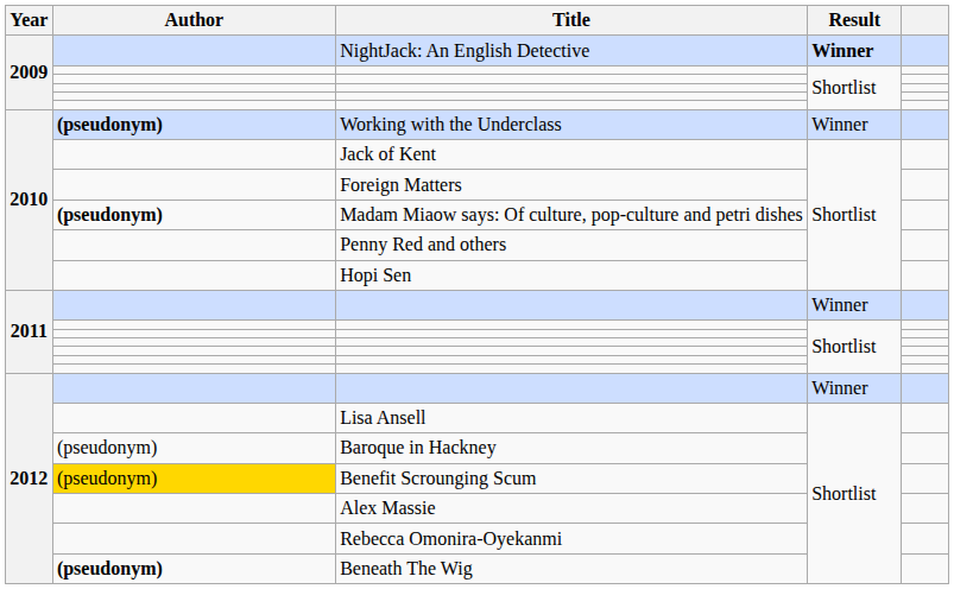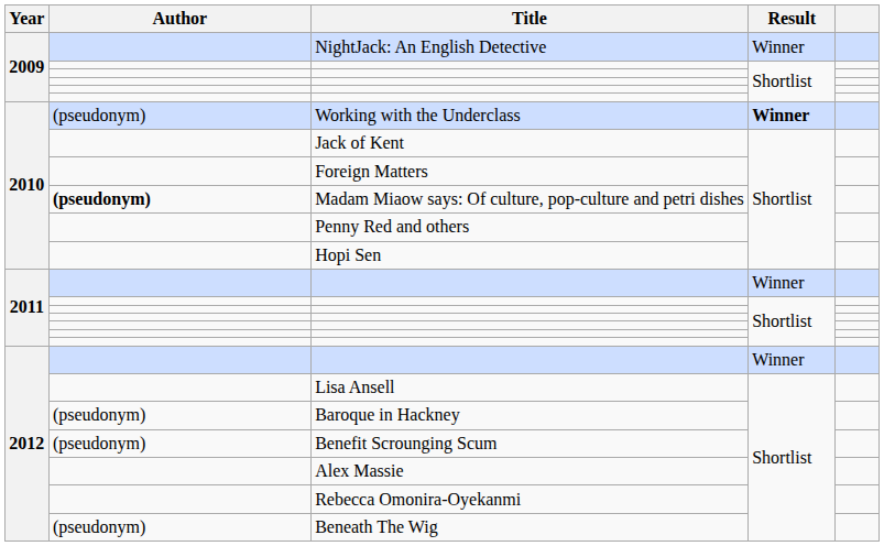 <table class="wikitable sortable mw-collapsible">
 <tr>
 <th scope="col" width="5%">Year</th>
 <th scope="col" width="30%">Author</th>
 <th scope="col" width="50%">Title</th>
 <th scope="col" width="10%">Result</th>
 <th scope="col" width="5%"></th>
 </tr>
 <tr style="background:#cddeff">
 <th rowspan="6">2009</th>
 <td></td>
 <td>NightJack: An English Detective</td>
-<td><strong>Winner</strong></td>
+<td>Winner</td>
 <td></td>
 </tr>
 <tr>
 <td></td>
 <td></td>
 <td rowspan="5">Shortlist</td>
 <td></td>
 </tr>
 <tr>
 <td></td>
 <td></td>
 <td></td>
 </tr>
 <tr>
 <td></td>
 <td></td>
 <td></td>
 </tr>
 <tr>
 <td></td>
 <td></td>
 <td></td>
 </tr>
 <tr>
 <td></td>
 <td></td>
 <td></td>
 </tr>
 <tr style="background:#cddeff">
 <th rowspan="6">2010</th>
-<td><strong> (pseudonym)</strong></td>
+<td> (pseudonym)</td>
 <td>Working with the Underclass</td>
-<td>Winner</td>
+<td><strong>Winner</strong></td>
 <td></td>
 </tr>
 <tr>
 <td></td>
 <td>Jack of Kent</td>
 <td rowspan="5">Shortlist</td>
 <td></td>
 </tr>
 <tr>
 <td></td>
 <td>Foreign Matters</td>
 <td></td>
 </tr>
 <tr>
 <td><strong> (pseudonym)</strong></td>
 <td>Madam Miaow says: Of culture, pop-culture and petri dishes</td>
 <td></td>
 </tr>
 <tr>
 <td></td>
 <td>Penny Red and others</td>
 <td></td>
 </tr>
 <tr>
 <td></td>
 <td>Hopi Sen</td>
 <td></td>
 </tr>
 <tr style="background:#cddeff">
 <th rowspan="7">2011</th>
 <td></td>
 <td></td>
 <td>Winner</td>
 <td></td>
 </tr>
 <tr>
 <td></td>
 <td></td>
 <td rowspan="6">Shortlist</td>
 <td></td>
 </tr>
 <tr>
 <td></td>
 <td></td>
 <td></td>
 </tr>
 <tr>
 <td></td>
 <td></td>
 <td></td>
 </tr>
 <tr>
 <td></td>
 <td></td>
 <td></td>
 </tr>
 <tr>
 <td></td>
 <td></td>
 <td></td>
 </tr>
 <tr>
 <td></td>
 <td></td>
 <td></td>
 </tr>
 <tr style="background:#cddeff">
 <th rowspan="7">2012</th>
 <td></td>
 <td></td>
 <td>Winner</td>
 <td></td>
 </tr>
 <tr>
 <td></td>
 <td>Lisa Ansell</td>
 <td rowspan="6">Shortlist</td>
 <td></td>
 </tr>
 <tr>
 <td> (pseudonym)</td>
 <td>Baroque in Hackney</td>
 <td></td>
 </tr>
 <tr>
-<td style="background: gold;">(pseudonym)</td>
+<td>(pseudonym)</td>
 <td>Benefit Scrounging Scum</td>
 <td></td>
 </tr>
 <tr>
 <td></td>
 <td>Alex Massie</td>
 <td></td>
 </tr>
 <tr>
 <td></td>
 <td>Rebecca Omonira-Oyekanmi</td>
 <td></td>
 </tr>
 <tr>
-<td><strong> (pseudonym)</strong></td>
+<td> (pseudonym)</td>
 <td>Beneath The Wig</td>
 <td></td>
 </tr>
 </table>
